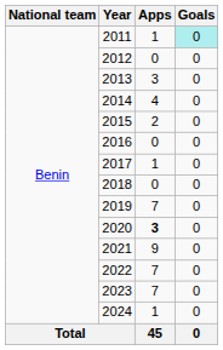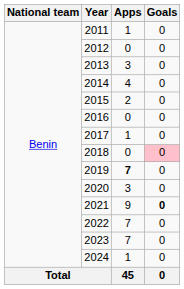 <table class="wikitable" style="text-align:center">
 <tr>
 <th>National team</th>
 <th>Year</th>
 <th>Apps</th>
 <th>Goals</th>
 </tr>
 <tr>
 <td rowspan="14"><a href='#'>Benin</a></td>
 <td>2011</td>
 <td>1</td>
-<td style="background: paleturquoise;">0</td>
+<td>0</td>
 </tr>
 <tr>
 <td>2012</td>
 <td>0</td>
 <td>0</td>
 </tr>
 <tr>
 <td>2013</td>
 <td>3</td>
 <td>0</td>
 </tr>
 <tr>
 <td>2014</td>
 <td>4</td>
 <td>0</td>
 </tr>
 <tr>
 <td>2015</td>
 <td>2</td>
 <td>0</td>
 </tr>
 <tr>
 <td>2016</td>
 <td>0</td>
 <td>0</td>
 </tr>
 <tr>
 <td>2017</td>
 <td>1</td>
 <td>0</td>
 </tr>
 <tr>
 <td>2018</td>
 <td>0</td>
-<td>0</td>
+<td style="background: pink;">0</td>
 </tr>
 <tr>
 <td>2019</td>
-<td>7</td>
+<td><strong>7</strong></td>
 <td>0</td>
 </tr>
 <tr>
 <td>2020</td>
-<td><strong>3</strong></td>
+<td>3</td>
 <td>0</td>
 </tr>
 <tr>
 <td>2021</td>
 <td>9</td>
-<td>0</td>
+<td><strong>0</strong></td>
 </tr>
 <tr>
 <td>2022</td>
 <td>7</td>
 <td>0</td>
 </tr>
 <tr>
 <td>2023</td>
 <td>7</td>
 <td>0</td>
 </tr>
 <tr>
 <td>2024</td>
 <td>1</td>
 <td>0</td>
 </tr>
 <tr>
 <th colspan="2">Total</th>
 <th>45</th>
 <th>0</th>
 </tr>
 </table>
